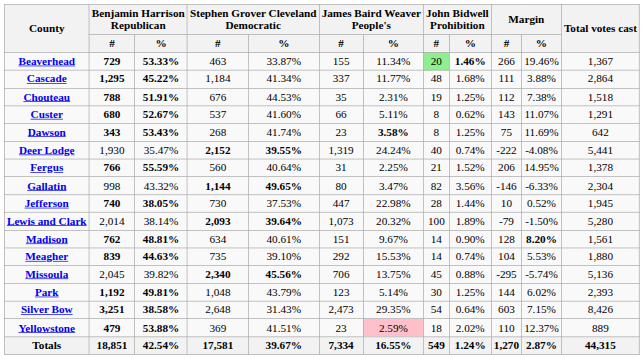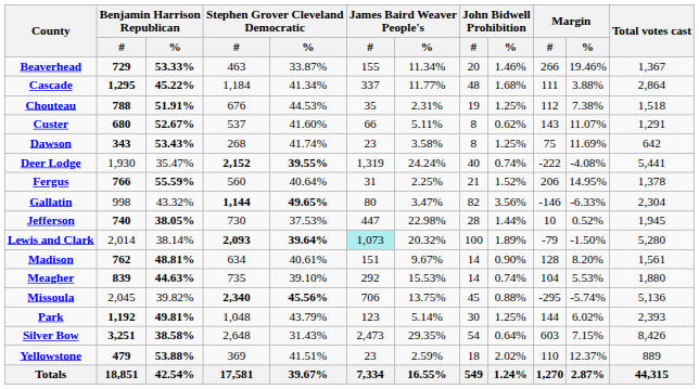 <table class="wikitable sortable">
 <tr>
 <th rowspan="2">County</th>
 <th colspan="2">Benjamin Harrison<br>Republican</th>
 <th colspan="2">Stephen Grover Cleveland<br>Democratic</th>
 <th colspan="2">James Baird Weaver<br>People's</th>
 <th colspan="2">John Bidwell<br>Prohibition</th>
 <th colspan="2">Margin</th>
 <th rowspan="2">Total votes cast</th>
 </tr>
 <tr bgcolor="lightgrey">
 <th data-sort-type="number">#</th>
 <th data-sort-type="number">%</th>
 <th data-sort-type="number">#</th>
 <th data-sort-type="number">%</th>
 <th data-sort-type="number">#</th>
 <th data-sort-type="number">%</th>
 <th data-sort-type="number">#</th>
 <th data-sort-type="number">%</th>
 <th data-sort-type="number">#</th>
 <th data-sort-type="number">%</th>
 </tr>
 <tr style="text-align:center;">
 <td><strong><a href='#'>Beaverhead</a></strong></td>
 <td><strong>729</strong></td>
 <td><strong>53.33%</strong></td>
 <td>463</td>
 <td>33.87%</td>
 <td>155</td>
 <td>11.34%</td>
-<td style="background: lightgreen;">20</td>
-<td><strong>1.46%</strong></td>
+<td>20</td>
+<td>1.46%</td>
 <td>266</td>
 <td>19.46%</td>
 <td>1,367</td>
 </tr>
 <tr style="text-align:center;">
 <td><strong><a href='#'>Cascade</a></strong></td>
 <td><strong>1,295</strong></td>
 <td><strong>45.22%</strong></td>
 <td>1,184</td>
 <td>41.34%</td>
 <td>337</td>
 <td>11.77%</td>
 <td>48</td>
 <td>1.68%</td>
 <td>111</td>
 <td>3.88%</td>
 <td>2,864</td>
 </tr>
 <tr style="text-align:center;">
 <td><strong><a href='#'>Chouteau</a></strong></td>
 <td><strong>788</strong></td>
 <td><strong>51.91%</strong></td>
 <td>676</td>
 <td>44.53%</td>
 <td>35</td>
 <td>2.31%</td>
 <td>19</td>
 <td>1.25%</td>
 <td>112</td>
 <td>7.38%</td>
 <td>1,518</td>
 </tr>
 <tr style="text-align:center;">
 <td><strong><a href='#'>Custer</a></strong></td>
 <td><strong>680</strong></td>
 <td><strong>52.67%</strong></td>
 <td>537</td>
 <td>41.60%</td>
 <td>66</td>
 <td>5.11%</td>
 <td>8</td>
 <td>0.62%</td>
 <td>143</td>
 <td>11.07%</td>
 <td>1,291</td>
 </tr>
 <tr style="text-align:center;">
 <td><strong><a href='#'>Dawson</a></strong></td>
 <td><strong>343</strong></td>
 <td><strong>53.43%</strong></td>
 <td>268</td>
 <td>41.74%</td>
 <td>23</td>
-<td><strong>3.58%</strong></td>
+<td>3.58%</td>
 <td>8</td>
 <td>1.25%</td>
 <td>75</td>
 <td>11.69%</td>
 <td>642</td>
 </tr>
 <tr style="text-align:center;">
 <td><strong><a href='#'>Deer Lodge</a></strong></td>
 <td>1,930</td>
 <td>35.47%</td>
 <td><strong>2,152</strong></td>
 <td><strong>39.55%</strong></td>
 <td>1,319</td>
 <td>24.24%</td>
 <td>40</td>
 <td>0.74%</td>
 <td>-222</td>
 <td>-4.08%</td>
 <td>5,441</td>
 </tr>
 <tr style="text-align:center;">
 <td><strong><a href='#'>Fergus</a></strong></td>
 <td><strong>766</strong></td>
 <td><strong>55.59%</strong></td>
 <td>560</td>
 <td>40.64%</td>
 <td>31</td>
 <td>2.25%</td>
 <td>21</td>
 <td>1.52%</td>
 <td>206</td>
 <td>14.95%</td>
 <td>1,378</td>
 </tr>
 <tr style="text-align:center;">
 <td><strong><a href='#'>Gallatin</a></strong></td>
 <td>998</td>
 <td>43.32%</td>
 <td><strong>1,144</strong></td>
 <td><strong>49.65%</strong></td>
 <td>80</td>
 <td>3.47%</td>
 <td>82</td>
 <td>3.56%</td>
 <td>-146</td>
 <td>-6.33%</td>
 <td>2,304</td>
 </tr>
 <tr style="text-align:center;">
 <td><strong><a href='#'>Jefferson</a></strong></td>
 <td><strong>740</strong></td>
 <td><strong>38.05%</strong></td>
 <td>730</td>
 <td>37.53%</td>
 <td>447</td>
 <td>22.98%</td>
 <td>28</td>
 <td>1.44%</td>
 <td>10</td>
 <td>0.52%</td>
 <td>1,945</td>
 </tr>
 <tr style="text-align:center;">
 <td><strong><a href='#'>Lewis and Clark</a></strong></td>
 <td>2,014</td>
 <td>38.14%</td>
 <td><strong>2,093</strong></td>
 <td><strong>39.64%</strong></td>
-<td>1,073</td>
+<td style="background: paleturquoise;">1,073</td>
 <td>20.32%</td>
 <td>100</td>
 <td>1.89%</td>
 <td>-79</td>
 <td>-1.50%</td>
 <td>5,280</td>
 </tr>
 <tr style="text-align:center;">
 <td><strong><a href='#'>Madison</a></strong></td>
 <td><strong>762</strong></td>
 <td><strong>48.81%</strong></td>
 <td>634</td>
 <td>40.61%</td>
 <td>151</td>
 <td>9.67%</td>
 <td>14</td>
 <td>0.90%</td>
 <td>128</td>
-<td><strong>8.20%</strong></td>
+<td>8.20%</td>
 <td>1,561</td>
 </tr>
 <tr style="text-align:center;">
 <td><strong><a href='#'>Meagher</a></strong></td>
 <td><strong>839</strong></td>
 <td><strong>44.63%</strong></td>
 <td>735</td>
 <td>39.10%</td>
 <td>292</td>
 <td>15.53%</td>
 <td>14</td>
 <td>0.74%</td>
 <td>104</td>
 <td>5.53%</td>
 <td>1,880</td>
 </tr>
 <tr style="text-align:center;">
 <td><strong><a href='#'>Missoula</a></strong></td>
 <td>2,045</td>
 <td>39.82%</td>
 <td><strong>2,340</strong></td>
 <td><strong>45.56%</strong></td>
 <td>706</td>
 <td>13.75%</td>
 <td>45</td>
 <td>0.88%</td>
 <td>-295</td>
 <td>-5.74%</td>
 <td>5,136</td>
 </tr>
 <tr style="text-align:center;">
 <td><strong><a href='#'>Park</a></strong></td>
 <td><strong>1,192</strong></td>
 <td><strong>49.81%</strong></td>
 <td>1,048</td>
 <td>43.79%</td>
 <td>123</td>
 <td>5.14%</td>
 <td>30</td>
 <td>1.25%</td>
 <td>144</td>
 <td>6.02%</td>
 <td>2,393</td>
 </tr>
 <tr style="text-align:center;">
 <td><strong><a href='#'>Silver Bow</a></strong></td>
 <td><strong>3,251</strong></td>
 <td><strong>38.58%</strong></td>
 <td>2,648</td>
 <td>31.43%</td>
 <td>2,473</td>
 <td>29.35%</td>
 <td>54</td>
 <td>0.64%</td>
 <td>603</td>
 <td>7.15%</td>
 <td>8,426</td>
 </tr>
 <tr style="text-align:center;">
 <td><strong><a href='#'>Yellowstone</a></strong></td>
 <td><strong>479</strong></td>
 <td><strong>53.88%</strong></td>
 <td>369</td>
 <td>41.51%</td>
 <td>23</td>
-<td style="background: pink;">2.59%</td>
+<td>2.59%</td>
 <td>18</td>
 <td>2.02%</td>
 <td>110</td>
 <td>12.37%</td>
 <td>889</td>
 </tr>
 <tr style="text-align:center;">
 <th>Totals</th>
 <th>18,851</th>
 <th>42.54%</th>
 <th>17,581</th>
 <th>39.67%</th>
 <th>7,334</th>
 <th>16.55%</th>
 <th>549</th>
 <th>1.24%</th>
 <th>1,270</th>
 <th>2.87%</th>
 <th>44,315</th>
 </tr>
 </table>
